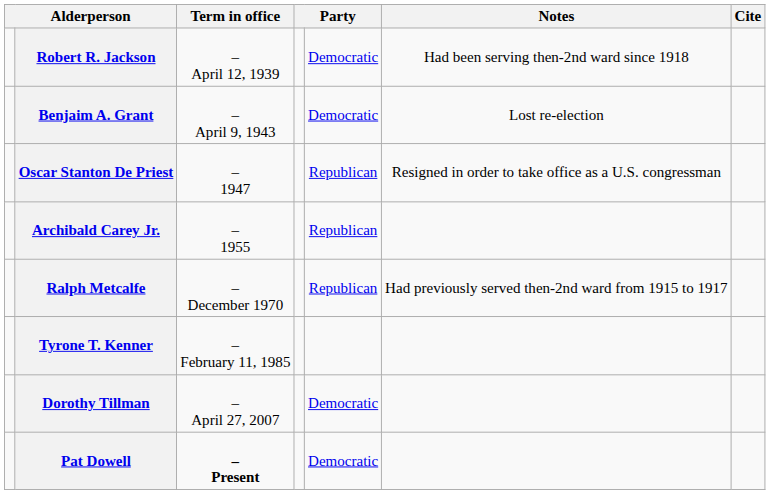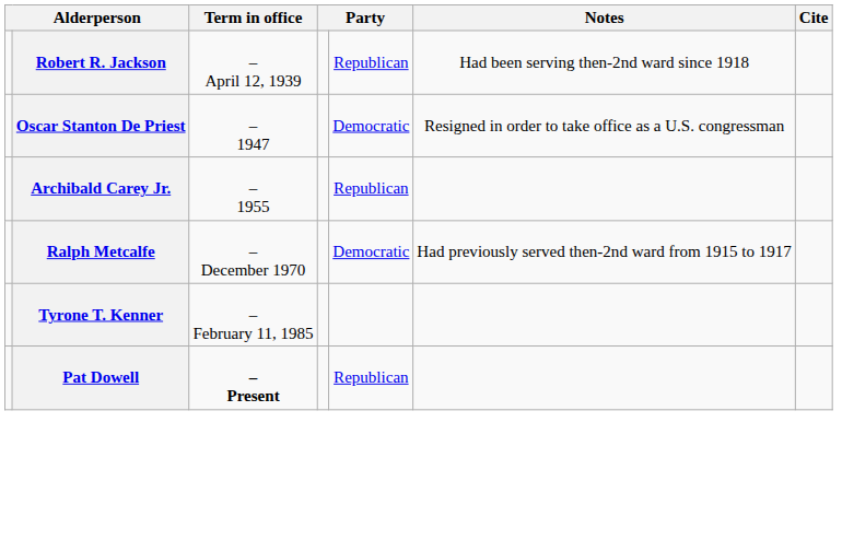 <table class="wikitable sortable" style="text-align:center;">
 <tr>
 <th scope="col" colspan="2">Alderperson</th>
 <th scope="col">Term in office</th>
 <th scope="col" colspan="2">Party</th>
 <th scope="col">Notes</th>
 <th scope="col">Cite</th>
 </tr>
 <tr style="height:2em;">
 <td></td>
 <th scope="row"><a href='#'>Robert R. Jackson</a></th>
 <td><br>–<br>April 12, 1939</td>
 <td> </td>
-<td><a href='#'>Democratic</a></td>
+<td><a href='#'>Republican</a></td>
 <td>Had been serving then-2nd ward since 1918</td>
-<td></td>
-</tr>
-<tr style="height:2em;">
-<td> </td>
-<th scope="row"><a href='#'>Benjaim A. Grant</a></th>
-<td><br>–<br>April 9, 1943</td>
-<td> </td>
-<td><a href='#'>Democratic</a></td>
-<td>Lost re-election</td>
 <td></td>
 </tr>
 <tr style="height:2em;">
 <td></td>
 <th scope="row"><a href='#'>Oscar Stanton De Priest</a></th>
 <td><br>–<br>1947</td>
 <td> </td>
-<td><a href='#'>Republican</a></td>
+<td><a href='#'>Democratic</a></td>
 <td>Resigned in order to take office as a U.S. congressman</td>
 <td></td>
 </tr>
 <tr style="height:2em;">
 <td></td>
 <th scope="row"><a href='#'>Archibald Carey Jr.</a></th>
 <td><br>–<br>1955</td>
 <td> </td>
 <td><a href='#'>Republican</a></td>
 <td></td>
 <td></td>
 </tr>
 <tr style="height:2em;">
 <td></td>
 <th scope="row"><a href='#'>Ralph Metcalfe</a></th>
 <td><br>–<br>December 1970</td>
 <td> </td>
-<td><a href='#'>Republican</a></td>
+<td><a href='#'>Democratic</a></td>
 <td>Had previously served then-2nd ward from 1915 to 1917</td>
 <td></td>
 </tr>
 <tr style="height:2em;">
 <td></td>
 <th scope="row"><a href='#'>Tyrone T. Kenner</a></th>
 <td><br>–<br>February 11, 1985</td>
 <td></td>
 <td></td>
 <td></td>
 </tr>
 <tr style="height:2em;">
 <td></td>
-<th scope="row"><a href='#'>Dorothy Tillman</a></th>
-<td><br>–<br>April 27, 2007</td>
-<td> </td>
-<td><a href='#'>Democratic</a></td>
-<td></td>
-<td></td>
-</tr>
-<tr style="height:2em;">
-<td></td>
 <th scope="row"><a href='#'>Pat Dowell</a></th>
 <td><strong><br>–<br>Present</strong></td>
 <td> </td>
-<td><a href='#'>Democratic</a></td>
+<td><a href='#'>Republican</a></td>
 <td></td>
 <td></td>
 </tr>
 </table>
